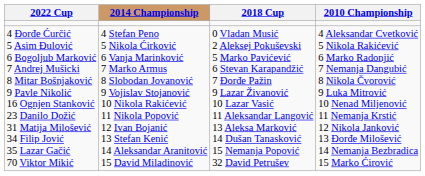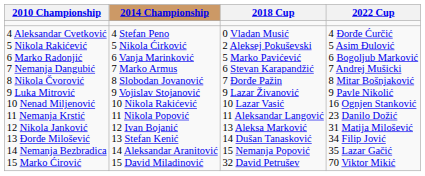 <table class="wikitable">
 <tr>
-<th><a href='#'>2022 Cup</a></th>
+<th><a href='#'>2010 Championship</a></th>
 <th style="background:#cc9966;"><a href='#'>2014 Championship</a></th>
 <th><a href='#'>2018 Cup</a></th>
-<th><a href='#'>2010 Championship</a></th>
+<th><a href='#'>2022 Cup</a></th>
 </tr>
 <tr>
 <td></td>
 <td></td>
 <td></td>
 <td></td>
 </tr>
 <tr>
-<td>4 <a href='#'>Đorđe Ćurčić</a><br>5 <a href='#'>Asim Đulović</a><br>6 <a href='#'>Bogoljub Marković</a><br>7 <a href='#'>Andrej Mušicki</a><br>8 <a href='#'>Mitar Bošnjaković</a><br>9 <a href='#'>Pavle Nikolić</a><br>16 <a href='#'>Ognjen Stanković</a><br>23 <a href='#'>Danilo Dožić</a><br>31 <a href='#'>Matija Milošević</a><br>34 <a href='#'>Filip Jović</a><br>35 <a href='#'>Lazar Gačić</a><br>70 <a href='#'>Viktor Mikić</a></td>
+<td valign=top>4 <a href='#'>Aleksandar Cvetković</a> <br>5 <a href='#'>Nikola Rakićević</a> <br>6 <a href='#'>Marko Radonjić</a> <br>7 <a href='#'>Nemanja Dangubić</a> <br>8 <a href='#'>Nikola Čvorović</a> <br>9 <a href='#'>Luka Mitrović</a> <br>10 <a href='#'>Nenad Miljenović</a> <br>11 <a href='#'>Nemanja Krstić</a> <br>12 <a href='#'>Nikola Janković</a> <br>13 <a href='#'>Đorđe Milošević</a> <br>14 <a href='#'>Nemanja Bezbradica</a> <br>15 <a href='#'>Marko Ćirović</a></td>
 <td valign=top>4 <a href='#'>Stefan Peno</a><br>5 <a href='#'>Nikola Ćirković</a><br>6 <a href='#'>Vanja Marinković</a><br>7 <a href='#'>Marko Armus</a><br>8 <a href='#'>Slobodan Jovanović</a><br>9 <a href='#'>Vojislav Stojanović</a><br>10 <a href='#'>Nikola Rakićević</a><br>11 <a href='#'>Nikola Popović</a><br>12 <a href='#'>Ivan Bojanić</a><br>13 <a href='#'>Stefan Kenić</a><br>14 <a href='#'>Aleksandar Aranitović</a><br>15 <a href='#'>David Miladinović</a></td>
 <td valign=top>0 <a href='#'>Vladan Musić</a><br>2 <a href='#'>Aleksej Pokuševski</a><br>5 <a href='#'>Marko Pavićević</a><br>6 <a href='#'>Stevan Karapandžić</a><br>7 <a href='#'>Đorđe Pažin</a><br>9 <a href='#'>Lazar Živanović</a><br>10 <a href='#'>Lazar Vasić</a><br>11 <a href='#'>Aleksandar Langović</a><br>13 <a href='#'>Aleksa Marković</a><br>14 <a href='#'>Dušan Tanasković</a><br>15 <a href='#'>Nemanja Popović</a><br>32 <a href='#'>David Petrušev</a></td>
-<td valign=top>4 <a href='#'>Aleksandar Cvetković</a> <br>5 <a href='#'>Nikola Rakićević</a> <br>6 <a href='#'>Marko Radonjić</a> <br>7 <a href='#'>Nemanja Dangubić</a> <br>8 <a href='#'>Nikola Čvorović</a> <br>9 <a href='#'>Luka Mitrović</a> <br>10 <a href='#'>Nenad Miljenović</a> <br>11 <a href='#'>Nemanja Krstić</a> <br>12 <a href='#'>Nikola Janković</a> <br>13 <a href='#'>Đorđe Milošević</a> <br>14 <a href='#'>Nemanja Bezbradica</a> <br>15 <a href='#'>Marko Ćirović</a></td>
+<td>4 <a href='#'>Đorđe Ćurčić</a><br>5 <a href='#'>Asim Đulović</a><br>6 <a href='#'>Bogoljub Marković</a><br>7 <a href='#'>Andrej Mušicki</a><br>8 <a href='#'>Mitar Bošnjaković</a><br>9 <a href='#'>Pavle Nikolić</a><br>16 <a href='#'>Ognjen Stanković</a><br>23 <a href='#'>Danilo Dožić</a><br>31 <a href='#'>Matija Milošević</a><br>34 <a href='#'>Filip Jović</a><br>35 <a href='#'>Lazar Gačić</a><br>70 <a href='#'>Viktor Mikić</a></td>
 </tr>
 </table>
